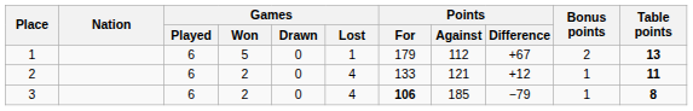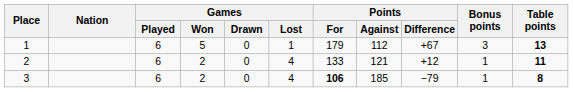 <table class="wikitable" style="text-align:center">
 <tr>
 <th rowspan="2" style="width:8%">Place</th>
 <th rowspan="2" style="width:16%">Nation</th>
 <th colspan="4" style="width:32%">Games</th>
 <th colspan="3" style="width:24%">Points</th>
 <th rowspan="2" style="width:10%">Bonus<br>points</th>
 <th rowspan="2" style="width:10%">Table<br>points</th>
 </tr>
 <tr>
 <th style="width:8%">Played</th>
 <th style="width:8%">Won</th>
 <th style="width:8%">Drawn</th>
 <th style="width:8%">Lost</th>
 <th style="width:8%">For</th>
 <th style="width:8%">Against</th>
 <th style="width:8%">Difference</th>
 </tr>
 <tr>
 <td>1</td>
 <td align=left></td>
 <td>6</td>
 <td>5</td>
 <td>0</td>
 <td>1</td>
 <td>179</td>
 <td>112</td>
 <td>+67</td>
-<td>2</td>
+<td>3</td>
 <td><strong>13</strong></td>
 </tr>
 <tr>
 <td>2</td>
 <td align=left></td>
 <td>6</td>
 <td>2</td>
 <td>0</td>
 <td>4</td>
 <td>133</td>
 <td>121</td>
 <td>+12</td>
 <td>1</td>
 <td><strong>11</strong></td>
 </tr>
 <tr>
 <td>3</td>
 <td align=left></td>
 <td>6</td>
 <td>2</td>
 <td>0</td>
 <td>4</td>
 <td><strong>106</strong></td>
 <td>185</td>
 <td>−79</td>
 <td>1</td>
 <td><strong>8</strong></td>
 </tr>
 </table>
